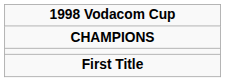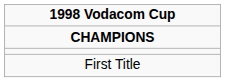 <table class="wikitable" style="text-align: center; margin: 0 auto; width: 20%">
 <tr>
 <td><strong>1998 Vodacom Cup</strong></td>
 </tr>
 <tr>
 <td><strong>CHAMPIONS</strong></td>
 </tr>
 <tr>
 <td></td>
 </tr>
 <tr>
-<td><strong>First Title</strong></td>
+<td>First Title</td>
 </tr>
 </table>
